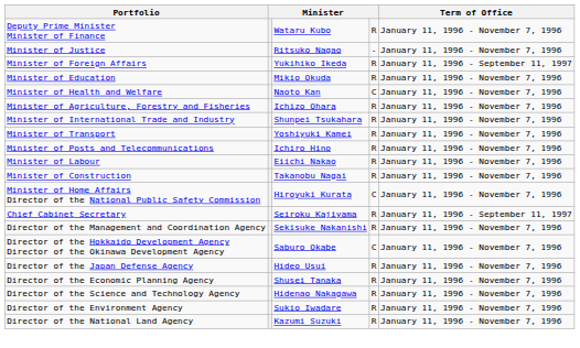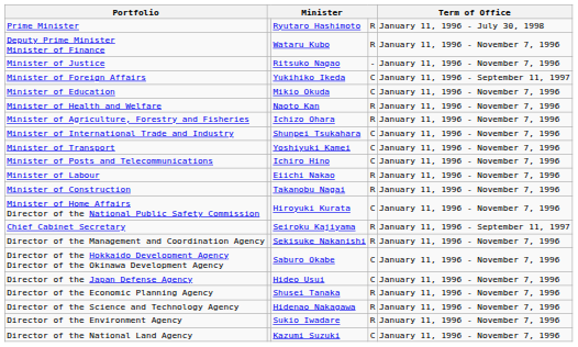 <table class="wikitable">
 <tr>
 <th>Portfolio</th>
 <th colspan=3>Minister</th>
 <th>Term of Office</th>
+</tr>
+<tr>
+<td><a href='#'>Prime Minister</a></td>
+<th style="color:inherit;background-color: "></th>
+<td><a href='#'>Ryutaro Hashimoto</a></td>
+<td>R</td>
+<td>January 11, 1996 - July 30, 1998</td>
 </tr>
 <tr>
 <td><a href='#'>Deputy Prime Minister</a> <br><a href='#'>Minister of Finance</a></td>
 <th style="color:inherit;background-color: "></th>
 <td><a href='#'>Wataru Kubo</a></td>
 <td>R</td>
 <td>January 11, 1996 - November 7, 1996</td>
 </tr>
 <tr>
 <td><a href='#'>Minister of Justice</a></td>
 <th style="color:inherit;background-color: "></th>
 <td><a href='#'>Ritsuko Nagao</a></td>
 <td>-</td>
 <td>January 11, 1996 - November 7, 1996</td>
 </tr>
 <tr>
 <td><a href='#'>Minister of Foreign Affairs</a></td>
 <th style="color:inherit;background-color: "></th>
 <td><a href='#'>Yukihiko Ikeda</a></td>
-<td>R</td>
+<td>C</td>
 <td>January 11, 1996 - September 11, 1997</td>
 </tr>
 <tr>
 <td><a href='#'>Minister of Education</a></td>
 <th style="color:inherit;background-color: "></th>
 <td><a href='#'>Mikio Okuda</a></td>
-<td>R</td>
+<td>C</td>
 <td>January 11, 1996 - November 7, 1996</td>
 </tr>
 <tr>
 <td><a href='#'>Minister of Health and Welfare</a></td>
 <th style="color:inherit;background-color: "></th>
 <td><a href='#'>Naoto Kan</a></td>
-<td>C</td>
+<td>R</td>
 <td>January 11, 1996 - November 7, 1996</td>
 </tr>
 <tr>
 <td><a href='#'>Minister of Agriculture, Forestry and Fisheries</a></td>
 <th style="color:inherit;background-color: "></th>
 <td><a href='#'>Ichizo Ohara</a></td>
 <td>R</td>
 <td>January 11, 1996 - November 7, 1996</td>
 </tr>
 <tr>
 <td><a href='#'>Minister of International Trade and Industry</a></td>
 <th style="color:inherit;background-color: "></th>
 <td><a href='#'>Shunpei Tsukahara</a></td>
-<td>R</td>
+<td>C</td>
 <td>January 11, 1996 - November 7, 1996</td>
 </tr>
 <tr>
 <td><a href='#'>Minister of Transport</a></td>
 <th style="color:inherit;background-color: "></th>
 <td><a href='#'>Yoshiyuki Kamei</a></td>
-<td>R</td>
+<td>C</td>
 <td>January 11, 1996 - November 7, 1996</td>
 </tr>
 <tr>
 <td><a href='#'>Minister of Posts and Telecommunications</a></td>
 <th style="color:inherit;background-color: "></th>
 <td><a href='#'>Ichiro Hino</a></td>
-<td>R</td>
+<td>C</td>
 <td>January 11, 1996 - November 7, 1996</td>
 </tr>
 <tr>
 <td><a href='#'>Minister of Labour</a></td>
 <th style="color:inherit;background-color: "></th>
 <td><a href='#'>Eiichi Nakao</a></td>
 <td>R</td>
 <td>January 11, 1996 - November 7, 1996</td>
 </tr>
 <tr>
 <td><a href='#'>Minister of Construction</a></td>
 <th style="color:inherit;background-color: "></th>
 <td><a href='#'>Takanobu Nagai</a></td>
 <td>R</td>
 <td>January 11, 1996 - November 7, 1996</td>
 </tr>
 <tr>
 <td><a href='#'>Minister of Home Affairs</a> <br>Director of the <a href='#'>National Public Safety Commission</a></td>
 <th style="color:inherit;background-color: "></th>
 <td><a href='#'>Hiroyuki Kurata</a></td>
 <td>C</td>
 <td>January 11, 1996 - November 7, 1996</td>
 </tr>
 <tr>
 <td><a href='#'>Chief Cabinet Secretary</a></td>
 <th style="color:inherit;background-color: "></th>
 <td><a href='#'>Seiroku Kajiyama</a></td>
 <td>R</td>
 <td>January 11, 1996 - September 11, 1997</td>
 </tr>
 <tr>
 <td>Director of the Management and Coordination Agency</td>
 <th style="color:inherit;background-color: "></th>
 <td><a href='#'>Sekisuke Nakanishi</a></td>
 <td>R</td>
 <td>January 11, 1996 - November 7, 1996</td>
 </tr>
 <tr>
 <td>Director of the <a href='#'>Hokkaido Development Agency</a> <br>Director of the Okinawa Development Agency</td>
 <th style="color:inherit;background-color: "></th>
 <td><a href='#'>Saburo Okabe</a></td>
 <td>C</td>
 <td>January 11, 1996 - November 7, 1996</td>
 </tr>
 <tr>
 <td>Director of the <a href='#'>Japan Defense Agency</a></td>
 <th style="color:inherit;background-color: "></th>
 <td><a href='#'>Hideo Usui</a></td>
-<td>R</td>
+<td>C</td>
 <td>January 11, 1996 - November 7, 1996</td>
 </tr>
 <tr>
 <td>Director of the Economic Planning Agency</td>
 <th style="color:inherit;background-color: "></th>
 <td><a href='#'>Shusei Tanaka</a></td>
 <td>R</td>
 <td>January 11, 1996 - November 7, 1996</td>
 </tr>
 <tr>
 <td>Director of the Science and Technology Agency</td>
 <th style="color:inherit;background-color: "></th>
 <td><a href='#'>Hidenao Nakagawa</a></td>
 <td>R</td>
 <td>January 11, 1996 - November 7, 1996</td>
 </tr>
 <tr>
 <td>Director of the Environment Agency</td>
 <th style="color:inherit;background-color: "></th>
 <td><a href='#'>Sukio Iwadare</a></td>
 <td>R</td>
 <td>January 11, 1996 - November 7, 1996</td>
 </tr>
 <tr>
 <td>Director of the National Land Agency</td>
 <th style="color:inherit;background-color: "></th>
 <td><a href='#'>Kazumi Suzuki</a></td>
-<td>R</td>
+<td>C</td>
 <td>January 11, 1996 - November 7, 1996</td>
 </tr>
 </table>
